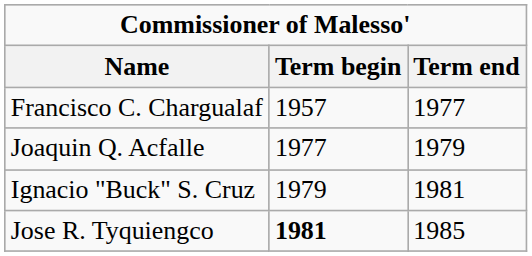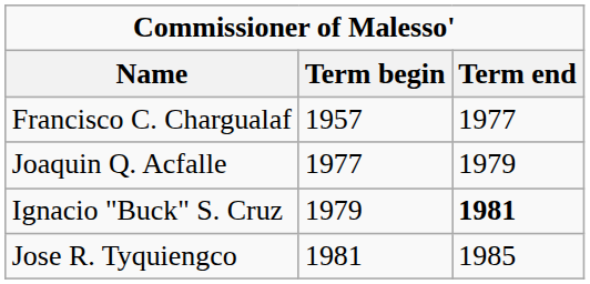 <table class="wikitable">
 <tr>
 <td colspan="4" align=center><strong>Commissioner of Malesso' </strong></td>
 </tr>
 <tr>
 <th>Name</th>
 <th>Term begin</th>
 <th>Term end</th>
 </tr>
 <tr>
 <td>Francisco C. Chargualaf</td>
 <td>1957</td>
 <td>1977</td>
 </tr>
 <tr>
 <td>Joaquin Q. Acfalle</td>
 <td>1977</td>
 <td>1979</td>
 </tr>
 <tr>
 <td>Ignacio "Buck" S. Cruz</td>
 <td>1979</td>
-<td>1981</td>
+<td><strong>1981</strong></td>
 </tr>
 <tr>
 <td>Jose R. Tyquiengco</td>
-<td><strong>1981</strong></td>
+<td>1981</td>
 <td>1985</td>
 </tr>
 </table>
